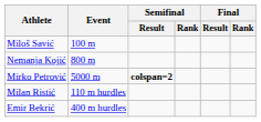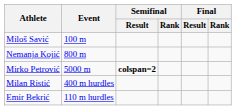 <table class="wikitable" style="font-size:90%">
 <tr>
 <th rowspan="2">Athlete</th>
 <th rowspan="2">Event</th>
 <th colspan="2">Semifinal</th>
 <th colspan="2">Final</th>
 </tr>
 <tr style="font-size:95%">
 <th>Result</th>
 <th>Rank</th>
 <th>Result</th>
 <th>Rank</th>
 </tr>
 <tr align=center>
 <td align=left><a href='#'>Miloš Savić</a></td>
 <td align=left><a href='#'>100 m</a></td>
 <td></td>
 <td></td>
 <td></td>
 <td></td>
 </tr>
 <tr align=center>
 <td align=left><a href='#'>Nemanja Kojić</a></td>
 <td align=left><a href='#'>800 m</a></td>
 <td></td>
 <td></td>
 <td></td>
 <td></td>
 </tr>
 <tr align=center>
 <td align=left><a href='#'>Mirko Petrović</a></td>
 <td align=left><a href='#'>5000 m</a></td>
 <td><strong>colspan=2 </strong></td>
 <td></td>
 <td></td>
 </tr>
 <tr align=center>
 <td align=left><a href='#'>Milan Ristić</a></td>
-<td align=left><a href='#'>110 m hurdles</a></td>
+<td align=left><a href='#'>400 m hurdles</a></td>
 <td></td>
 <td></td>
 <td></td>
 <td></td>
 </tr>
 <tr align=center>
 <td align=left><a href='#'>Emir Bekrić</a></td>
-<td align=left><a href='#'>400 m hurdles</a></td>
+<td align=left><a href='#'>110 m hurdles</a></td>
 <td></td>
 <td></td>
 <td></td>
 <td></td>
 </tr>
 </table>
